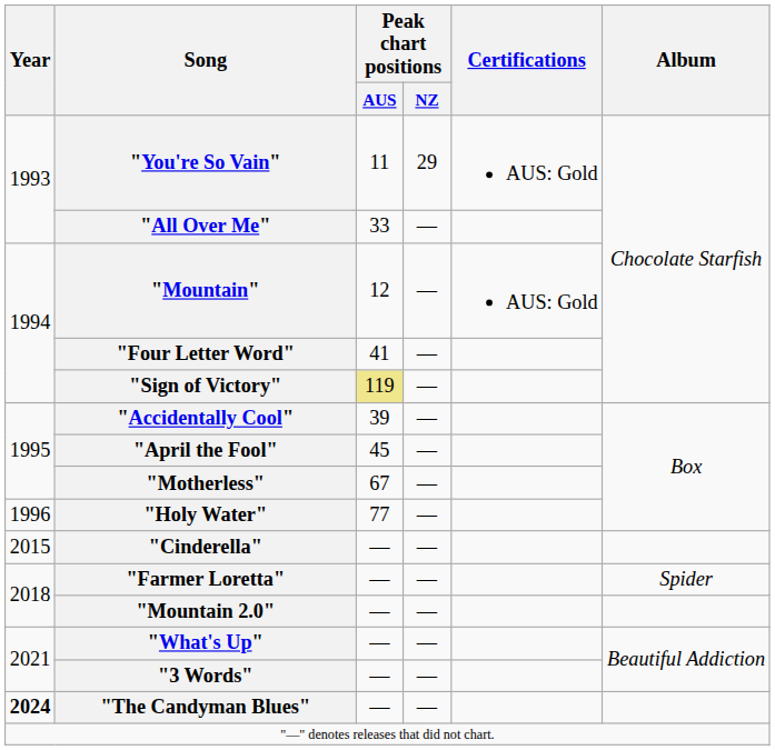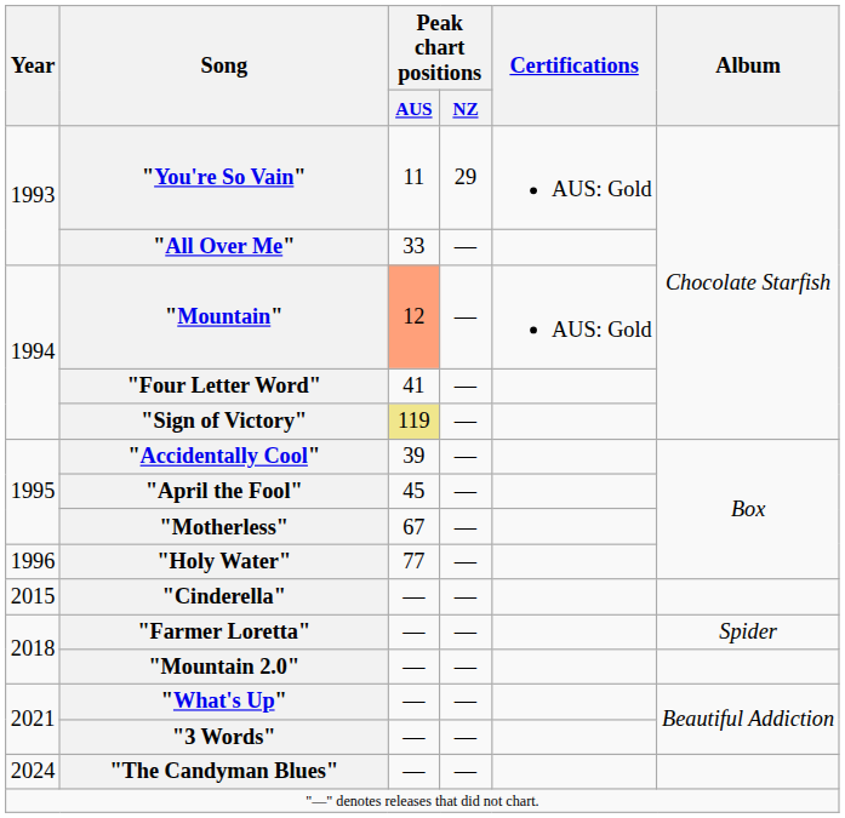 <table class="wikitable plainrowheaders" style="text-align:center">
 <tr>
 <th rowspan="2">Year</th>
 <th rowspan="2" width=230>Song</th>
 <th colspan="2">Peak chart positions</th>
 <th rowspan="2"><a href='#'>Certifications</a></th>
 <th rowspan="2">Album</th>
 </tr>
 <tr>
 <th width="30"><small><a href='#'>AUS</a><br></small></th>
 <th width="30"><small><a href='#'>NZ</a><br></small></th>
 </tr>
 <tr>
 <td rowspan="2">1993</td>
 <th scope="row">"<a href='#'>You're So Vain</a>"</th>
 <td>11</td>
 <td>29</td>
 <td><br><ul><li>AUS: Gold</li></ul></td>
 <td rowspan="5"><em>Chocolate Starfish</em></td>
 </tr>
 <tr>
 <th scope="row">"<a href='#'>All Over Me</a>"</th>
 <td>33</td>
 <td>—</td>
 <td></td>
 </tr>
 <tr>
 <td rowspan="3">1994</td>
 <th scope="row">"<a href='#'>Mountain</a>"</th>
-<td>12</td>
+<td style="background: lightsalmon;">12</td>
 <td>—</td>
 <td><br><ul><li>AUS: Gold</li></ul></td>
 </tr>
 <tr>
 <th scope="row">"Four Letter Word"</th>
 <td>41</td>
 <td>—</td>
 <td></td>
 </tr>
 <tr>
 <th scope="row">"Sign of Victory"</th>
 <td style="background: khaki;">119</td>
 <td>—</td>
 <td></td>
 </tr>
 <tr>
 <td rowspan="3">1995</td>
 <th scope="row">"<a href='#'>Accidentally Cool</a>"</th>
 <td>39</td>
 <td>—</td>
 <td></td>
 <td rowspan="4"><em>Box</em></td>
 </tr>
 <tr>
 <th scope="row">"April the Fool"</th>
 <td>45</td>
 <td>—</td>
 <td></td>
 </tr>
 <tr>
 <th scope="row">"Motherless"</th>
 <td>67</td>
 <td>—</td>
 <td></td>
 </tr>
 <tr>
 <td>1996</td>
 <th scope="row">"Holy Water"</th>
 <td>77</td>
 <td>—</td>
 <td></td>
 </tr>
 <tr>
 <td>2015</td>
 <th scope="row">"Cinderella"</th>
 <td>—</td>
 <td>—</td>
 <td></td>
 <td></td>
 </tr>
 <tr>
 <td rowspan="2">2018</td>
 <th scope="row">"Farmer Loretta"</th>
 <td>—</td>
 <td>—</td>
 <td></td>
 <td><em>Spider</em></td>
 </tr>
 <tr>
 <th scope="row">"Mountain 2.0" <br></th>
 <td>—</td>
 <td>—</td>
 <td></td>
 <td></td>
 </tr>
 <tr>
 <td rowspan="2">2021</td>
 <th scope="row">"<a href='#'>What's Up</a>"</th>
 <td>—</td>
 <td>—</td>
 <td></td>
 <td rowspan="2"><em>Beautiful Addiction</em></td>
 </tr>
 <tr>
 <th scope="row">"3 Words"</th>
 <td>—</td>
 <td>—</td>
 <td></td>
 </tr>
 <tr>
-<td><strong>2024</strong></td>
+<td>2024</td>
 <th scope="row">"The Candyman Blues"</th>
 <td>—</td>
 <td>—</td>
 <td></td>
 <td></td>
 </tr>
 <tr>
 <td colspan="8" style="font-size: 8pt">"—" denotes releases that did not chart.</td>
 </tr>
 </table>
